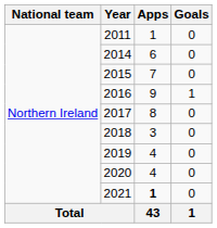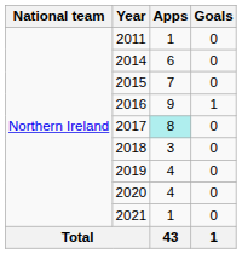 <table class=wikitable style="text-align: center;">
 <tr>
 <th>National team</th>
 <th>Year</th>
 <th>Apps</th>
 <th>Goals</th>
 </tr>
 <tr>
 <td rowspan="9"><a href='#'>Northern Ireland</a></td>
 <td>2011</td>
 <td>1</td>
 <td>0</td>
 </tr>
 <tr>
 <td>2014</td>
 <td>6</td>
 <td>0</td>
 </tr>
 <tr>
 <td>2015</td>
 <td>7</td>
 <td>0</td>
 </tr>
 <tr>
 <td>2016</td>
 <td>9</td>
 <td>1</td>
 </tr>
 <tr>
 <td>2017</td>
-<td>8</td>
+<td style="background: paleturquoise;">8</td>
 <td>0</td>
 </tr>
 <tr>
 <td>2018</td>
 <td>3</td>
 <td>0</td>
 </tr>
 <tr>
 <td>2019</td>
 <td>4</td>
 <td>0</td>
 </tr>
 <tr>
 <td>2020</td>
 <td>4</td>
 <td>0</td>
 </tr>
 <tr>
 <td>2021</td>
-<td><strong>1</strong></td>
+<td>1</td>
 <td>0</td>
 </tr>
 <tr>
 <th colspan=2>Total</th>
 <th>43</th>
 <th>1</th>
 </tr>
 </table>
